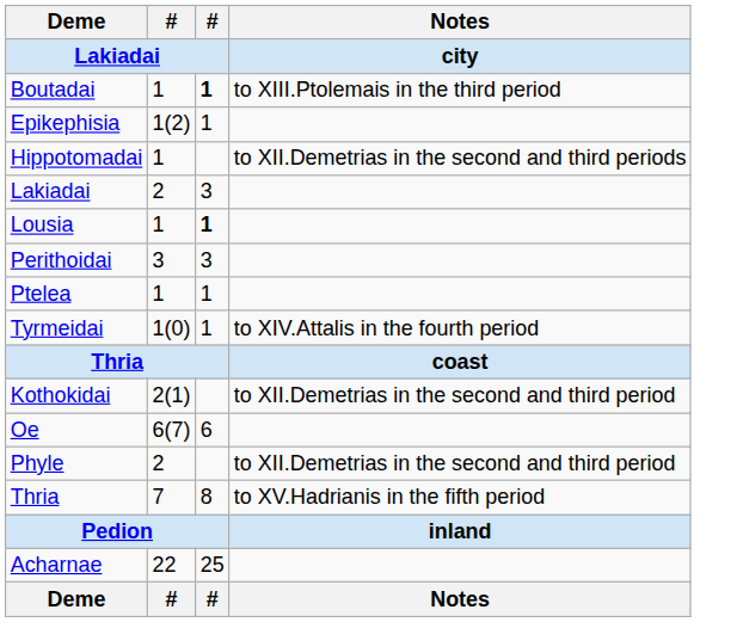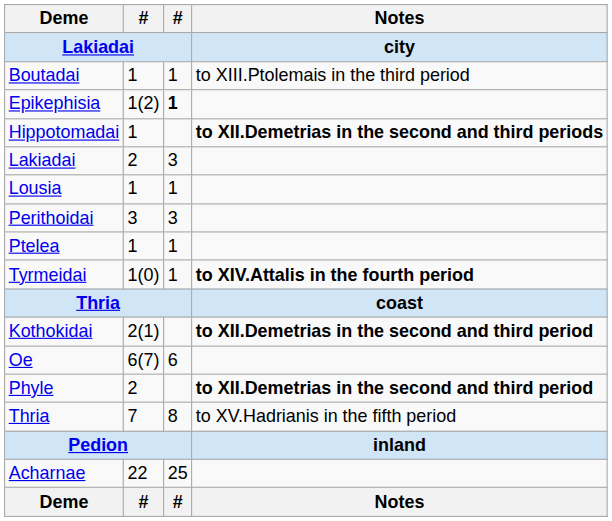 <table class="wikitable">
 <tr ---->
 <th>Deme</th>
 <th>#</th>
 <th>#</th>
 <th>Notes</th>
 </tr>
 <tr ---->
 <th colspan="3" style="background: #d0e5f5"><a href='#'>Lakiadai</a></th>
 <th style="background: #d0e5f5">city</th>
 </tr>
 <tr ----style="background: #f1f5fc">
 <td><a href='#'>Boutadai</a></td>
 <td>1</td>
-<td><strong>1</strong></td>
+<td>1</td>
 <td>to  XIII.Ptolemais in the third period</td>
 </tr>
 <tr ----style="background: #f1f5fc">
 <td><a href='#'>Epikephisia</a></td>
 <td>1(2)</td>
-<td>1</td>
+<td><strong>1</strong></td>
 <td></td>
 </tr>
 <tr ----style="background: #f1f5fc">
 <td><a href='#'>Hippotomadai</a></td>
 <td>1</td>
 <td></td>
-<td>to  XII.Demetrias in the second and third periods</td>
+<td><strong>to  XII.Demetrias in the second and third periods</strong></td>
 </tr>
 <tr ----style="background: #f1f5fc">
 <td><a href='#'>Lakiadai</a></td>
 <td>2</td>
 <td>3</td>
 <td></td>
 </tr>
 <tr ----style="background: #f1f5fc">
 <td><a href='#'>Lousia</a></td>
 <td>1</td>
-<td><strong>1</strong></td>
+<td>1</td>
 <td></td>
 </tr>
 <tr ----style="background: #f1f5fc">
 <td><a href='#'>Perithoidai</a></td>
 <td>3</td>
 <td>3</td>
 <td></td>
 </tr>
 <tr ----style="background: #f1f5fc">
 <td><a href='#'>Ptelea</a></td>
 <td>1</td>
 <td>1</td>
 <td></td>
 </tr>
 <tr ----style="background: #f1f5fc">
 <td><a href='#'>Tyrmeidai</a></td>
 <td>1(0)</td>
 <td>1</td>
-<td>to XIV.Attalis in the fourth period</td>
+<td><strong>to XIV.Attalis in the fourth period</strong></td>
 </tr>
 <tr ---->
 <th colspan="3" style="background: #d0e5f5"><a href='#'>Thria</a></th>
 <th style="background: #d0e5f5">coast</th>
 </tr>
 <tr ----style="background: #f1f5fc">
 <td><a href='#'>Kothokidai</a></td>
 <td>2(1)</td>
 <td></td>
-<td>to  XII.Demetrias in the second and third period</td>
+<td><strong>to  XII.Demetrias in the second and third period</strong></td>
 </tr>
 <tr ----style="background: #f1f5fc">
 <td><a href='#'>Oe</a></td>
 <td>6(7)</td>
 <td>6</td>
 <td></td>
 </tr>
 <tr ----style="background: #f1f5fc">
 <td><a href='#'>Phyle</a></td>
 <td>2</td>
 <td></td>
-<td>to  XII.Demetrias in the second and third period</td>
+<td><strong>to  XII.Demetrias in the second and third period</strong></td>
 </tr>
 <tr ----style="background: #f1f5fc">
 <td><a href='#'>Thria</a></td>
 <td>7</td>
 <td>8</td>
 <td>to XV.Hadrianis in the fifth period</td>
 </tr>
 <tr ---->
 <th colspan="3" style="background: #d0e5f5"><a href='#'>Pedion</a></th>
 <th style="background: #d0e5f5">inland</th>
 </tr>
 <tr ----style="background: #f1f5fc">
 <td><a href='#'>Acharnae</a></td>
 <td>22</td>
 <td>25</td>
 <td></td>
 </tr>
 <tr ---->
 <th>Deme</th>
 <th>#</th>
 <th>#</th>
 <th>Notes</th>
 </tr>
 </table>
